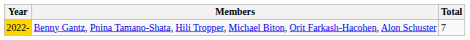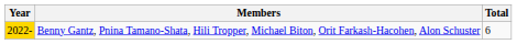 <table class="wikitable">
 <tr>
 <th>Year</th>
 <th>Members</th>
 <th>Total</th>
 </tr>
 <tr>
 <td style="background: gold;">2022-</td>
 <td><a href='#'>Benny Gantz</a>, <a href='#'>Pnina Tamano-Shata</a>, <a href='#'>Hili Tropper</a>, <a href='#'>Michael Biton</a>, <a href='#'>Orit Farkash-Hacohen</a>, <a href='#'>Alon Schuster</a></td>
-<td>7</td>
+<td>6</td>
 </tr>
 </table>
